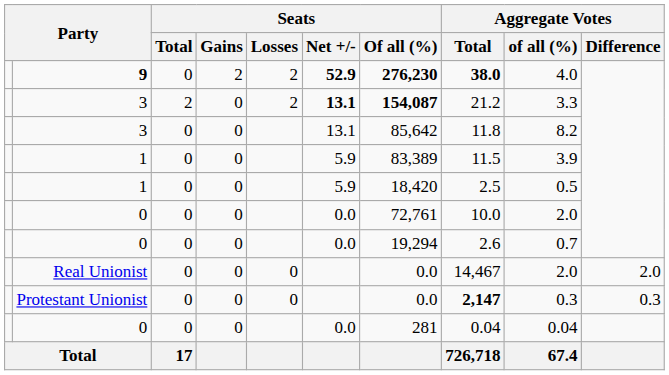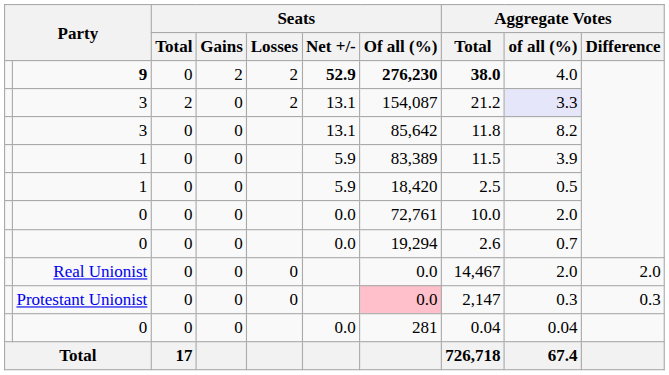 <table class="wikitable sortable" style="text-align:right; font-size:95%;">
 <tr>
 <th colspan="2" rowspan="2">Party</th>
 <th colspan="5">Seats</th>
 <th colspan="3">Aggregate Votes</th>
 </tr>
 <tr>
 <th>Total</th>
 <th>Gains</th>
 <th>Losses</th>
 <th>Net +/-</th>
 <th>Of all (%)</th>
 <th>Total</th>
 <th>of all (%)</th>
 <th>Difference</th>
 </tr>
 <tr>
 <td></td>
 <td><strong>9</strong></td>
 <td>0</td>
 <td>2</td>
 <td>2</td>
 <td><strong>52.9</strong></td>
 <td><strong>276,230</strong></td>
 <td><strong>38.0</strong></td>
 <td>4.0</td>
 </tr>
 <tr>
 <td></td>
 <td>3</td>
 <td>2</td>
 <td>0</td>
 <td> 2</td>
-<td><strong>13.1</strong></td>
-<td><strong>154,087</strong></td>
+<td>13.1</td>
+<td>154,087</td>
 <td>21.2</td>
-<td>3.3</td>
+<td style="background: lavender;">3.3</td>
 </tr>
 <tr>
 <td></td>
 <td>3</td>
 <td>0</td>
 <td>0</td>
 <td></td>
 <td>13.1</td>
 <td>85,642</td>
 <td>11.8</td>
 <td>8.2</td>
 </tr>
 <tr>
 <td></td>
 <td>1</td>
 <td>0</td>
 <td>0</td>
 <td></td>
 <td>5.9</td>
 <td>83,389</td>
 <td>11.5</td>
 <td>3.9</td>
 </tr>
 <tr>
 <td></td>
 <td>1</td>
 <td>0</td>
 <td>0</td>
 <td></td>
 <td>5.9</td>
 <td>18,420</td>
 <td>2.5</td>
 <td>0.5</td>
 </tr>
 <tr>
 <td></td>
 <td>0</td>
 <td>0</td>
 <td>0</td>
 <td></td>
 <td>0.0</td>
 <td>72,761</td>
 <td>10.0</td>
 <td>2.0</td>
 </tr>
 <tr>
 <td></td>
 <td>0</td>
 <td>0</td>
 <td>0</td>
 <td></td>
 <td>0.0</td>
 <td>19,294</td>
 <td>2.6</td>
 <td>0.7</td>
 </tr>
 <tr>
 <td></td>
 <td><a href='#'>Real Unionist</a></td>
 <td>0</td>
 <td>0</td>
 <td>0</td>
 <td></td>
 <td>0.0</td>
 <td>14,467</td>
 <td>2.0</td>
 <td>2.0</td>
 </tr>
 <tr>
 <td></td>
 <td><a href='#'>Protestant Unionist</a></td>
 <td>0</td>
 <td>0</td>
 <td>0</td>
 <td></td>
-<td>0.0</td>
-<td><strong>2,147</strong></td>
+<td style="background: pink;">0.0</td>
+<td>2,147</td>
 <td>0.3</td>
 <td>0.3</td>
 </tr>
 <tr>
 <td></td>
 <td>0</td>
 <td>0</td>
 <td>0</td>
 <td></td>
 <td>0.0</td>
 <td>281</td>
 <td>0.04</td>
 <td>0.04</td>
 </tr>
 <tr class="sortbottom">
 <th colspan="2" style="background:#f2f2f2"><strong>Total</strong></th>
 <td style="background:#f2f2f2;"><strong>17</strong></td>
 <td style="background:#f2f2f2;"></td>
 <td style="background:#f2f2f2;"></td>
 <td style="background:#f2f2f2;"></td>
 <td style="background:#f2f2f2;"></td>
 <td style="background:#f2f2f2;"><strong>726,718</strong></td>
 <td style="background:#f2f2f2;"><strong>67.4</strong></td>
 <td style="background:#f2f2f2;"></td>
 </tr>
 </table>
